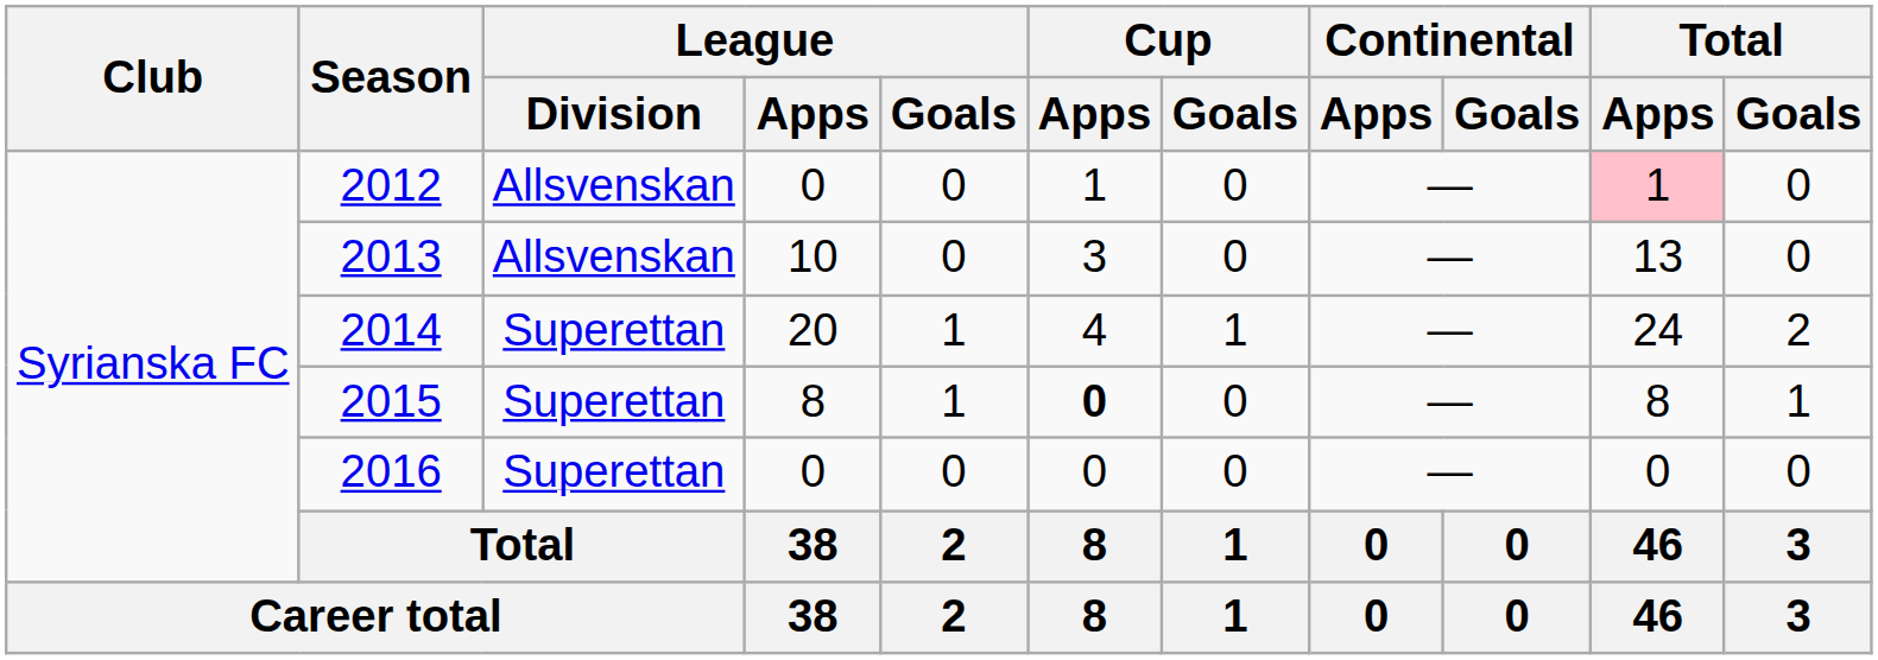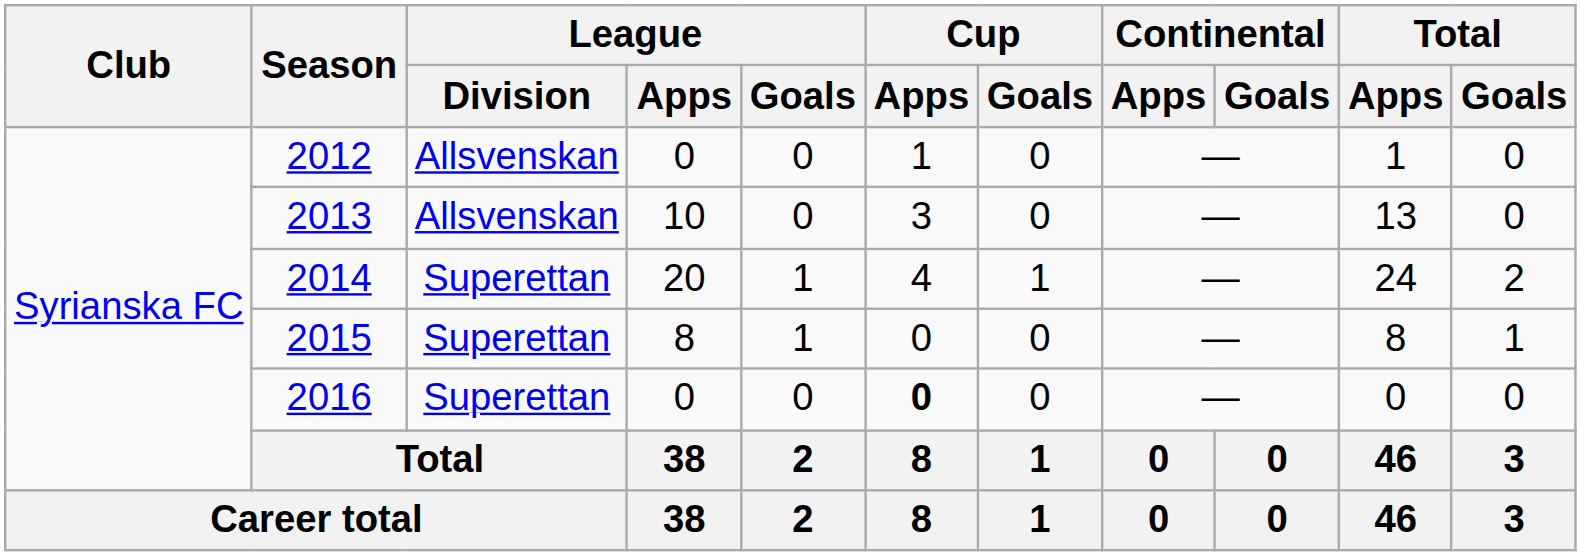 <table class="wikitable" style="text-align:center;">
 <tr>
 <th rowspan="2">Club</th>
 <th rowspan="2">Season</th>
 <th colspan="3">League</th>
 <th colspan="2">Cup</th>
 <th colspan="2">Continental</th>
 <th colspan="2">Total</th>
 </tr>
 <tr>
 <th>Division</th>
 <th>Apps</th>
 <th>Goals</th>
 <th>Apps</th>
 <th>Goals</th>
 <th>Apps</th>
 <th>Goals</th>
 <th>Apps</th>
 <th>Goals</th>
 </tr>
 <tr>
 <td rowspan="6"><a href='#'>Syrianska FC</a></td>
 <td><a href='#'>2012</a></td>
 <td><a href='#'>Allsvenskan</a></td>
 <td>0</td>
 <td>0</td>
 <td>1</td>
 <td>0</td>
 <td colspan="2">—</td>
-<td style="background: pink;">1</td>
+<td>1</td>
 <td>0</td>
 </tr>
 <tr>
 <td><a href='#'>2013</a></td>
 <td><a href='#'>Allsvenskan</a></td>
 <td>10</td>
 <td>0</td>
 <td>3</td>
 <td>0</td>
 <td colspan="2">—</td>
 <td>13</td>
 <td>0</td>
 </tr>
 <tr>
 <td><a href='#'>2014</a></td>
 <td><a href='#'>Superettan</a></td>
 <td>20</td>
 <td>1</td>
 <td>4</td>
 <td>1</td>
 <td colspan="2">—</td>
 <td>24</td>
 <td>2</td>
 </tr>
 <tr>
 <td><a href='#'>2015</a></td>
 <td><a href='#'>Superettan</a></td>
 <td>8</td>
 <td>1</td>
-<td><strong>0</strong></td>
+<td>0</td>
 <td>0</td>
 <td colspan="2">—</td>
 <td>8</td>
 <td>1</td>
 </tr>
 <tr>
 <td><a href='#'>2016</a></td>
 <td><a href='#'>Superettan</a></td>
 <td>0</td>
 <td>0</td>
-<td>0</td>
+<td><strong>0</strong></td>
 <td>0</td>
 <td colspan="2">—</td>
 <td>0</td>
 <td>0</td>
 </tr>
 <tr>
 <th colspan=2>Total</th>
 <th>38</th>
 <th>2</th>
 <th>8</th>
 <th>1</th>
 <th>0</th>
 <th>0</th>
 <th>46</th>
 <th>3</th>
 </tr>
 <tr>
 <th colspan="3">Career total</th>
 <th>38</th>
 <th>2</th>
 <th>8</th>
 <th>1</th>
 <th>0</th>
 <th>0</th>
 <th>46</th>
 <th>3</th>
 </tr>
 </table>
